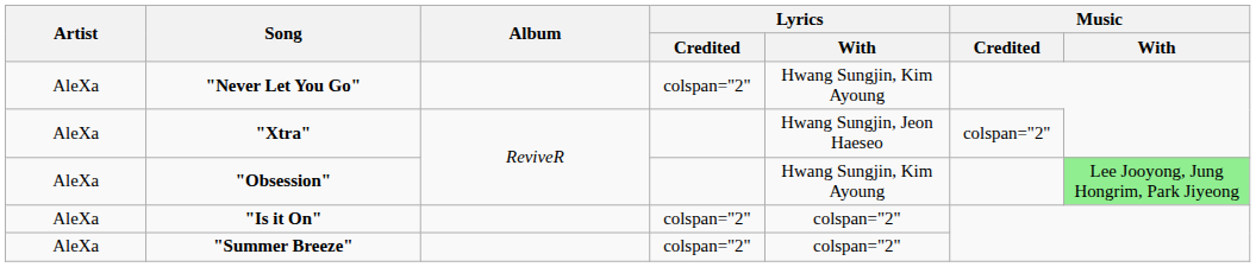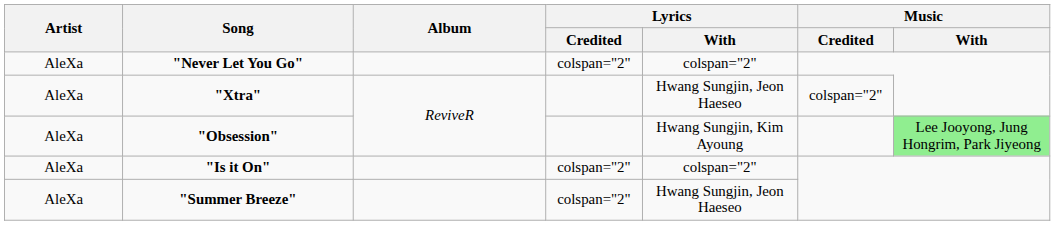 <table class="wikitable" style="text-align:center;">
 <tr>
 <th rowspan="2" style="width:7.5em;">Artist</th>
 <th rowspan="2" style="width:15em;">Song</th>
 <th rowspan="2" style="width:12.5em;">Album</th>
 <th colspan="2" style="width:16em;">Lyrics</th>
 <th colspan="2" style="width:16em;">Music</th>
 </tr>
 <tr>
 <th style="width:6em;">Credited</th>
 <th style="width:10em;">With</th>
 <th style="width:6em;">Credited</th>
 <th style="width:10em;">With</th>
 </tr>
 <tr>
 <td>AleXa</td>
 <td><strong>"Never Let You Go"</strong></td>
 <td></td>
 <td>colspan="2" </td>
-<td>Hwang Sungjin, Kim Ayoung</td>
+<td>colspan="2" </td>
 </tr>
 <tr>
 <td>AleXa</td>
 <td><strong>"Xtra"</strong></td>
 <td rowspan="2"><em>ReviveR</em></td>
 <td></td>
 <td>Hwang Sungjin, Jeon Haeseo</td>
 <td>colspan="2" </td>
 </tr>
 <tr>
 <td>AleXa</td>
 <td><strong>"Obsession"</strong></td>
 <td></td>
 <td>Hwang Sungjin, Kim Ayoung</td>
 <td></td>
 <td style="background: lightgreen;">Lee Jooyong, Jung Hongrim, Park Jiyeong</td>
 </tr>
 <tr>
 <td>AleXa </td>
 <td><strong>"Is it On"</strong></td>
 <td></td>
 <td>colspan="2" </td>
 <td>colspan="2" </td>
 </tr>
 <tr>
 <td>AleXa </td>
 <td><strong>"Summer Breeze"</strong></td>
 <td></td>
 <td>colspan="2" </td>
-<td>colspan="2" </td>
+<td>Hwang Sungjin, Jeon Haeseo</td>
 </tr>
 </table>
